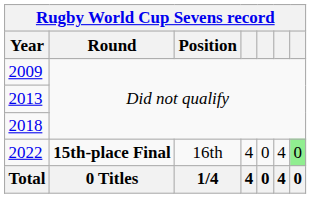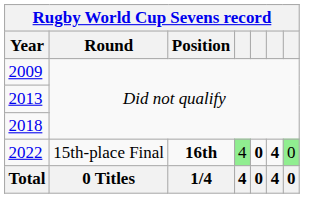 <table class="wikitable" style="text-align: center;">
 <tr>
 <th colspan="10"><a href='#'>Rugby World Cup Sevens record</a></th>
 </tr>
 <tr>
 <th>Year</th>
 <th>Round</th>
 <th>Position</th>
 <th></th>
 <th></th>
 <th></th>
 <th></th>
 </tr>
 <tr>
 <td align="left"> <a href='#'>2009</a></td>
 <td colspan="6" rowspan="3"><em>Did not qualify</em></td>
 </tr>
 <tr>
 <td align="left"> <a href='#'>2013</a></td>
 </tr>
 <tr>
 <td align="left"> <a href='#'>2018</a></td>
 </tr>
 <tr>
 <td align="left"> <a href='#'>2022</a></td>
-<td rowspan="1"><strong>15th-place Final</strong></td>
-<td>16th</td>
-<td>4</td>
-<td>0</td>
-<td>4</td>
+<td rowspan="1">15th-place Final</td>
+<td><strong>16th</strong></td>
+<td style="background: lightgreen;">4</td>
+<td><strong>0</strong></td>
+<td><strong>4</strong></td>
 <td style="background: lightgreen;">0</td>
 </tr>
 <tr>
 <th>Total</th>
 <th>0 Titles</th>
 <th>1/4</th>
 <th>4</th>
 <th>0</th>
 <th>4</th>
 <th>0</th>
 </tr>
 </table>
